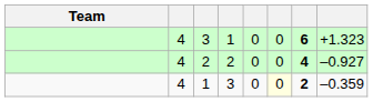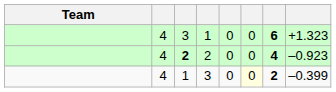 <table class="wikitable" style="text-align:center">
 <tr>
 <th style="width:175px;">Team</th>
 <th style="width:20px;"></th>
 <th style="width:20px;"></th>
 <th style="width:20px;"></th>
 <th style="width:20px;"></th>
 <th style="width:20px;"></th>
 <th style="width:20px;"></th>
 <th style="width:45px;"></th>
 </tr>
 <tr style="background:#cfc;">
 <td style="text-align:left"></td>
 <td>4</td>
 <td>3</td>
 <td>1</td>
 <td>0</td>
 <td>0</td>
 <td><strong>6</strong></td>
 <td>+1.323</td>
 </tr>
 <tr style="background:#cfc;">
 <td style="text-align:left"></td>
 <td>4</td>
-<td>2</td>
+<td><strong>2</strong></td>
 <td>2</td>
 <td>0</td>
 <td>0</td>
 <td><strong>4</strong></td>
-<td>–0.927</td>
+<td>–0.923</td>
 </tr>
 <tr>
 <td style="text-align:left"></td>
 <td>4</td>
 <td>1</td>
 <td>3</td>
 <td>0</td>
 <td style="background: lightyellow;">0</td>
 <td><strong>2</strong></td>
-<td>–0.359</td>
+<td>–0.399</td>
 </tr>
 </table>
